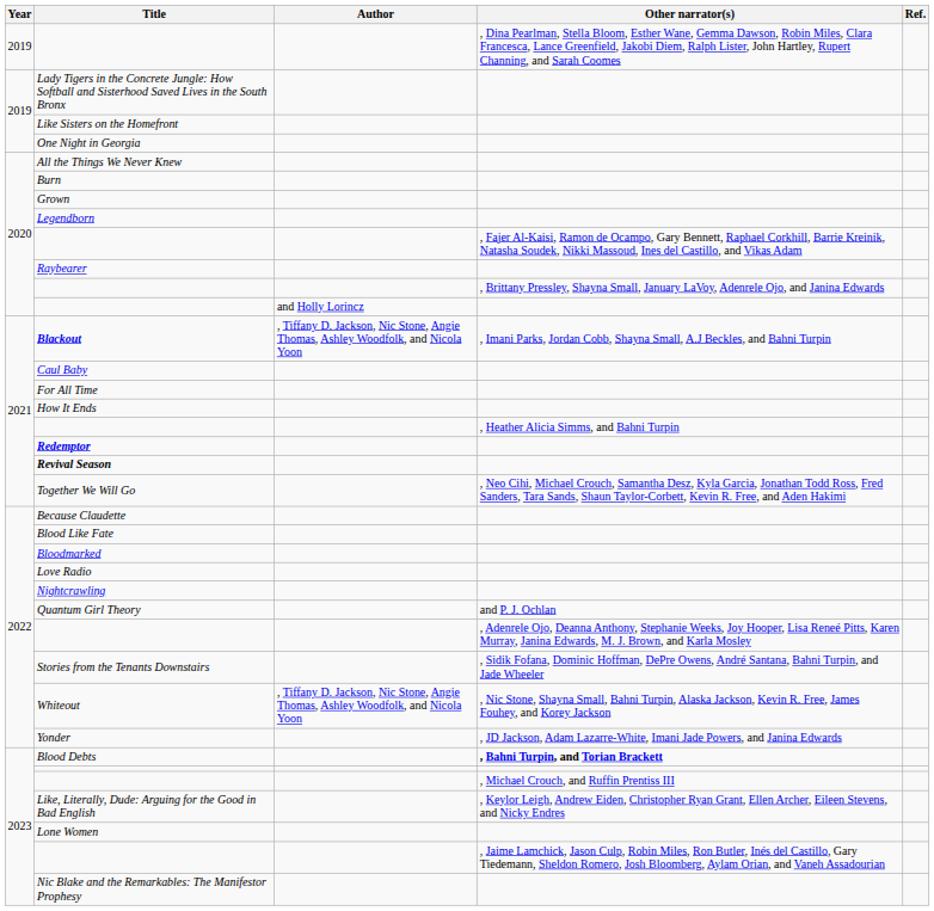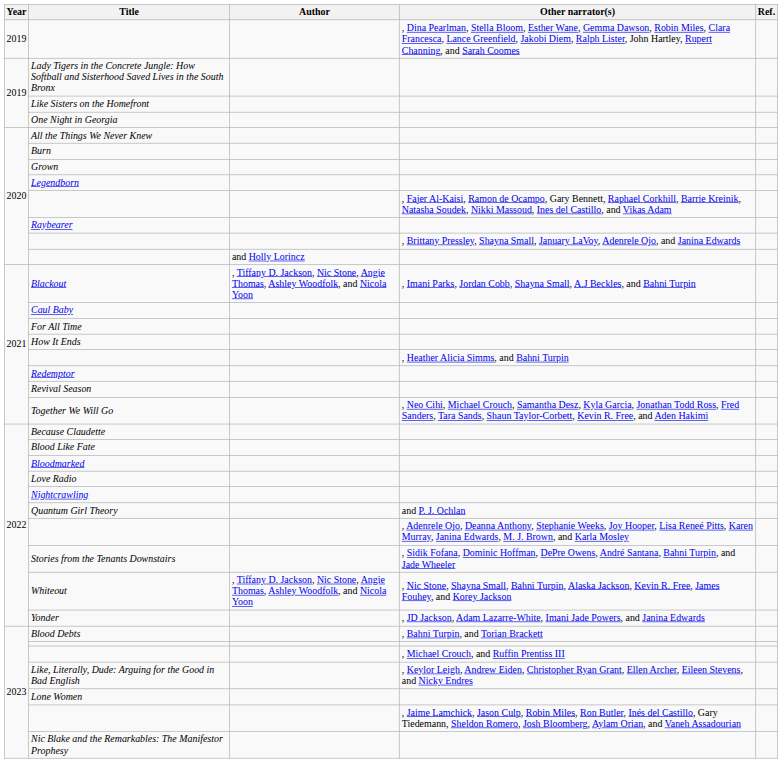 <table class="wikitable sortable mw-collapsible">
 <tr>
 <th>Year</th>
 <th>Title</th>
 <th>Author</th>
 <th>Other narrator(s)</th>
 <th>Ref.</th>
 </tr>
 <tr>
 <td>2019</td>
 <td></td>
 <td></td>
 <td>, <a href='#'>Dina Pearlman</a>, <a href='#'>Stella Bloom</a>, <a href='#'>Esther Wane</a>, <a href='#'>Gemma Dawson</a>, <a href='#'>Robin Miles</a>, <a href='#'>Clara Francesca</a>, <a href='#'>Lance Greenfield</a>, <a href='#'>Jakobi Diem</a>, <a href='#'>Ralph Lister</a>, John Hartley, <a href='#'>Rupert Channing</a>, and <a href='#'>Sarah Coomes</a></td>
 <td></td>
 </tr>
 <tr>
 <td rowspan="3">2019</td>
 <td><em>Lady Tigers in the Concrete Jungle: How Softball and Sisterhood Saved Lives in the South Bronx</em></td>
 <td></td>
 <td></td>
 <td></td>
 </tr>
 <tr>
 <td><em>Like Sisters on the Homefront</em></td>
 <td></td>
 <td></td>
 <td></td>
 </tr>
 <tr>
 <td><em>One Night in Georgia</em></td>
 <td></td>
 <td></td>
 <td></td>
 </tr>
 <tr>
 <td rowspan="8">2020</td>
 <td><em>All the Things We Never Knew</em></td>
 <td></td>
 <td></td>
 <td></td>
 </tr>
 <tr>
 <td><em>Burn</em></td>
 <td></td>
 <td></td>
 <td></td>
 </tr>
 <tr>
 <td><em>Grown</em></td>
 <td></td>
 <td></td>
 <td></td>
 </tr>
 <tr>
 <td><em><a href='#'>Legendborn</a></em></td>
 <td></td>
 <td></td>
 <td></td>
 </tr>
 <tr>
 <td></td>
 <td></td>
 <td>, <a href='#'>Fajer Al-Kaisi</a>, <a href='#'>Ramon de Ocampo</a>, Gary Bennett, <a href='#'>Raphael Corkhill</a>, <a href='#'>Barrie Kreinik</a>, <a href='#'>Natasha Soudek</a>, <a href='#'>Nikki Massoud</a>, <a href='#'>Ines del Castillo</a>, and <a href='#'>Vikas Adam</a></td>
 <td></td>
 </tr>
 <tr>
 <td><em><a href='#'>Raybearer</a></em></td>
 <td></td>
 <td></td>
 <td></td>
 </tr>
 <tr>
 <td></td>
 <td></td>
 <td>, <a href='#'>Brittany Pressley</a>, <a href='#'>Shayna Small</a>, <a href='#'>January LaVoy</a>, <a href='#'>Adenrele Ojo</a>, and <a href='#'>Janina Edwards</a></td>
 <td></td>
 </tr>
 <tr>
 <td></td>
 <td> and <a href='#'>Holly Lorincz</a></td>
 <td></td>
 <td></td>
 </tr>
 <tr>
 <td rowspan="8">2021</td>
-<td><strong><em><a href='#'>Blackout</a></em></strong></td>
+<td><em><a href='#'>Blackout</a></em></td>
 <td>, <a href='#'>Tiffany D. Jackson</a>, <a href='#'>Nic Stone</a>, <a href='#'>Angie Thomas</a>, <a href='#'>Ashley Woodfolk</a>, and <a href='#'>Nicola Yoon</a></td>
 <td>, <a href='#'>Imani Parks</a>, <a href='#'>Jordan Cobb</a>, <a href='#'>Shayna Small</a>, <a href='#'>A.J Beckles</a>, and <a href='#'>Bahni Turpin</a></td>
 <td></td>
 </tr>
 <tr>
 <td><em><a href='#'>Caul Baby</a></em></td>
 <td></td>
 <td></td>
 <td></td>
 </tr>
 <tr>
 <td><em>For All Time</em></td>
 <td></td>
 <td></td>
 <td></td>
 </tr>
 <tr>
 <td><em>How It Ends</em></td>
 <td></td>
 <td></td>
 <td></td>
 </tr>
 <tr>
 <td></td>
 <td></td>
 <td>, <a href='#'>Heather Alicia Simms</a>, and <a href='#'>Bahni Turpin</a></td>
 <td></td>
 </tr>
 <tr>
-<td><strong><em><a href='#'>Redemptor</a></em></strong></td>
+<td><em><a href='#'>Redemptor</a></em></td>
 <td></td>
 <td></td>
 <td></td>
 </tr>
 <tr>
-<td><strong><em>Revival Season</em></strong></td>
+<td><em>Revival Season</em></td>
 <td></td>
 <td></td>
 <td></td>
 </tr>
 <tr>
 <td><em>Together We Will Go</em></td>
 <td></td>
 <td>, <a href='#'>Neo Cihi</a>, <a href='#'>Michael Crouch</a>, <a href='#'>Samantha Desz</a>, <a href='#'>Kyla Garcia</a>, <a href='#'>Jonathan Todd Ross</a>, <a href='#'>Fred Sanders</a>, <a href='#'>Tara Sands</a>, <a href='#'>Shaun Taylor-Corbett</a>, <a href='#'>Kevin R. Free</a>, and <a href='#'>Aden Hakimi</a></td>
 <td></td>
 </tr>
 <tr>
 <td rowspan="10">2022</td>
 <td><em>Because Claudette</em></td>
 <td></td>
 <td></td>
 <td></td>
 </tr>
 <tr>
 <td><em>Blood Like Fate</em></td>
 <td></td>
 <td></td>
 <td></td>
 </tr>
 <tr>
 <td><em><a href='#'>Bloodmarked</a></em></td>
 <td></td>
 <td></td>
 <td></td>
 </tr>
 <tr>
 <td><em>Love Radio</em></td>
 <td></td>
 <td></td>
 <td></td>
 </tr>
 <tr>
 <td><em><a href='#'>Nightcrawling</a></em></td>
 <td></td>
 <td></td>
 <td></td>
 </tr>
 <tr>
 <td><em>Quantum Girl Theory</em></td>
 <td></td>
 <td> and <a href='#'>P. J. Ochlan</a></td>
 <td></td>
 </tr>
 <tr>
 <td></td>
 <td></td>
 <td>, <a href='#'>Adenrele Ojo</a>, <a href='#'>Deanna Anthony</a>, <a href='#'>Stephanie Weeks</a>, <a href='#'>Joy Hooper</a>, <a href='#'>Lisa Reneé Pitts</a>, <a href='#'>Karen Murray</a>, <a href='#'>Janina Edwards</a>, <a href='#'>M. J. Brown</a>, and <a href='#'>Karla Mosley</a></td>
 <td></td>
 </tr>
 <tr>
 <td><em>Stories from the Tenants Downstairs</em></td>
 <td></td>
 <td>, <a href='#'>Sidik Fofana</a>, <a href='#'>Dominic Hoffman</a>, <a href='#'>DePre Owens</a>, <a href='#'>André Santana</a>, <a href='#'>Bahni Turpin</a>, and <a href='#'>Jade Wheeler</a></td>
 <td></td>
 </tr>
 <tr>
 <td><em>Whiteout</em></td>
 <td>, <a href='#'>Tiffany D. Jackson</a>, <a href='#'>Nic Stone</a>, <a href='#'>Angie Thomas</a>, <a href='#'>Ashley Woodfolk</a>, and <a href='#'>Nicola Yoon</a></td>
 <td>, <a href='#'>Nic Stone</a>, <a href='#'>Shayna Small</a>, <a href='#'>Bahni Turpin</a>, <a href='#'>Alaska Jackson</a>, <a href='#'>Kevin R. Free</a>, <a href='#'>James Fouhey</a>, and <a href='#'>Korey Jackson</a></td>
 <td></td>
 </tr>
 <tr>
 <td><em>Yonder</em></td>
 <td></td>
 <td>, <a href='#'>JD Jackson</a>, <a href='#'>Adam Lazarre-White</a>, <a href='#'>Imani Jade Powers</a>, and <a href='#'>Janina Edwards</a></td>
 <td></td>
 </tr>
 <tr>
 <td rowspan="7">2023</td>
 <td><em>Blood Debts</em></td>
 <td></td>
-<td><strong>, <a href='#'>Bahni Turpin</a>, and <a href='#'>Torian Brackett</a></strong></td>
+<td>, <a href='#'>Bahni Turpin</a>, and <a href='#'>Torian Brackett</a></td>
 <td></td>
 </tr>
 <tr>
 <td></td>
 <td></td>
 <td></td>
 <td></td>
 </tr>
 <tr>
 <td></td>
 <td></td>
 <td>, <a href='#'>Michael Crouch</a>, and <a href='#'>Ruffin Prentiss III</a></td>
 <td></td>
 </tr>
 <tr>
 <td><em>Like, Literally, Dude: Arguing for the Good in Bad English</em></td>
 <td></td>
 <td>, <a href='#'>Keylor Leigh</a>, <a href='#'>Andrew Eiden</a>, <a href='#'>Christopher Ryan Grant</a>, <a href='#'>Ellen Archer</a>, <a href='#'>Eileen Stevens</a>, and <a href='#'>Nicky Endres</a></td>
 <td></td>
 </tr>
 <tr>
 <td><em>Lone Women</em></td>
 <td></td>
 <td></td>
 <td></td>
 </tr>
 <tr>
 <td></td>
 <td></td>
 <td>, <a href='#'>Jaime Lamchick</a>, <a href='#'>Jason Culp</a>, <a href='#'>Robin Miles</a>, <a href='#'>Ron Butler</a>, <a href='#'>Inés del Castillo</a>, Gary Tiedemann, <a href='#'>Sheldon Romero</a>, <a href='#'>Josh Bloomberg</a>, <a href='#'>Aylam Orian</a>, and <a href='#'>Vaneh Assadourian</a></td>
 <td></td>
 </tr>
 <tr>
 <td><em>Nic Blake and the Remarkables: The Manifestor Prophesy</em></td>
 <td></td>
 <td></td>
 <td></td>
 </tr>
 </table>
